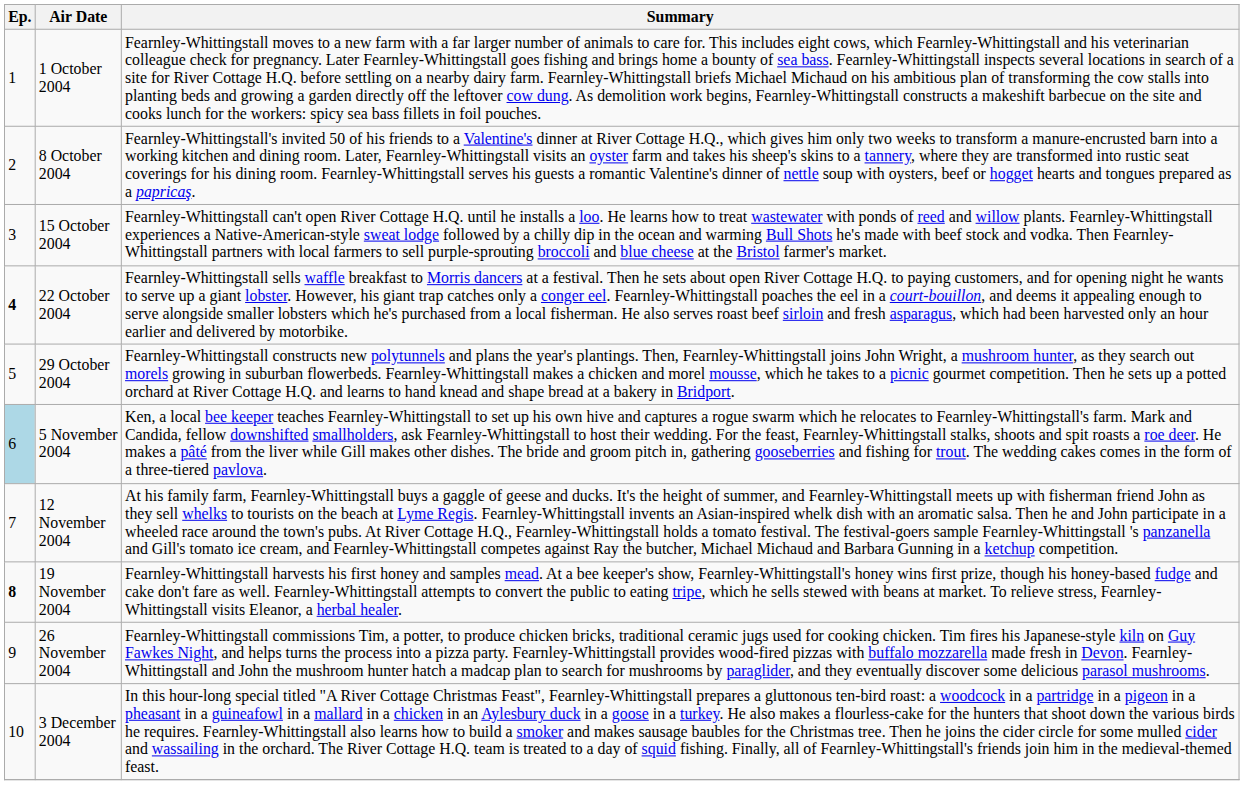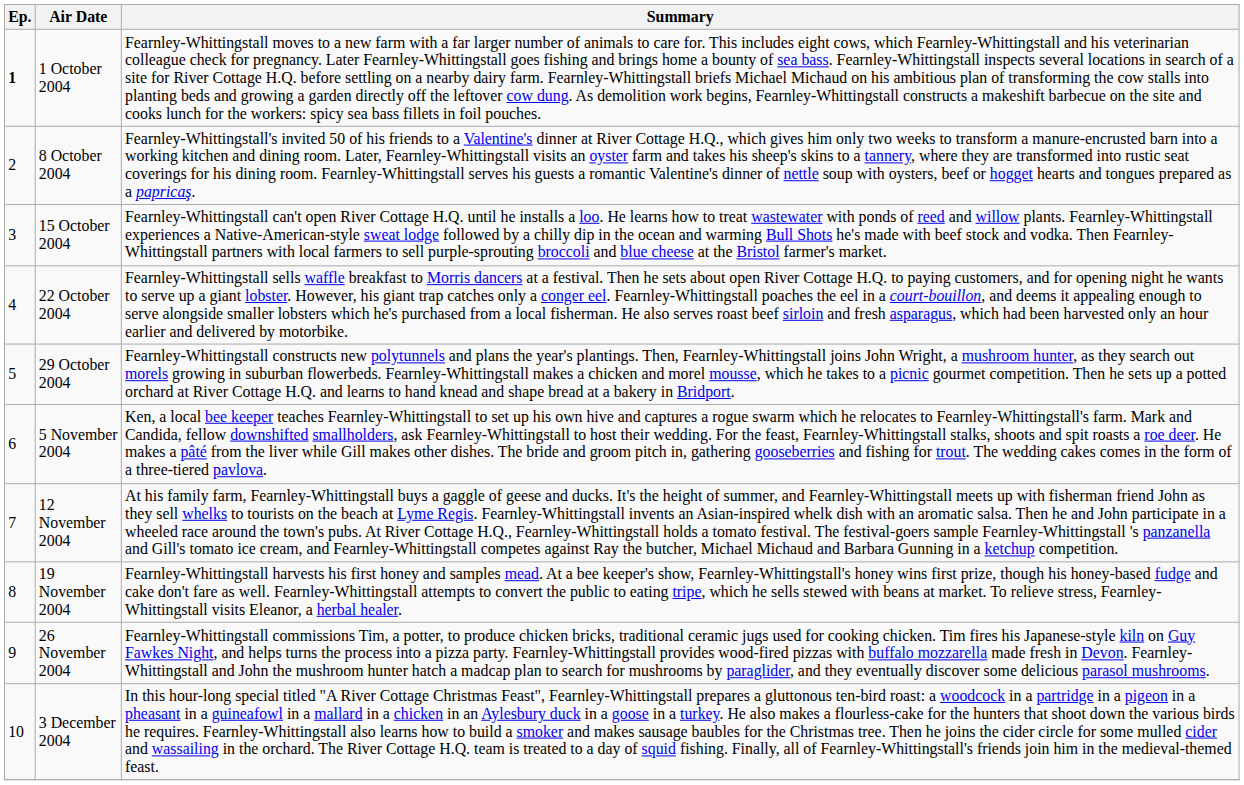 <table class="wikitable">
 <tr>
 <th>Ep.</th>
 <th>Air Date</th>
 <th>Summary</th>
 </tr>
 <tr>
-<td>1</td>
+<td><strong>1</strong></td>
 <td>1 October 2004</td>
 <td>Fearnley-Whittingstall moves to a new farm with a far larger number of animals to care for. This includes eight cows, which Fearnley-Whittingstall and his veterinarian colleague check for pregnancy. Later Fearnley-Whittingstall goes fishing and brings home a bounty of <a href='#'>sea bass</a>. Fearnley-Whittingstall inspects several locations in search of a site for River Cottage H.Q. before settling on a nearby dairy farm. Fearnley-Whittingstall briefs Michael Michaud on his ambitious plan of transforming the cow stalls into planting beds and growing a garden directly off the leftover <a href='#'>cow dung</a>. As demolition work begins, Fearnley-Whittingstall constructs a makeshift barbecue on the site and cooks lunch for the workers: spicy sea bass fillets in foil pouches.</td>
 </tr>
 <tr>
 <td>2</td>
 <td>8 October 2004</td>
 <td>Fearnley-Whittingstall's invited 50 of his friends to a <a href='#'>Valentine's</a> dinner at River Cottage H.Q., which gives him only two weeks to transform a manure-encrusted barn into a working kitchen and dining room. Later, Fearnley-Whittingstall visits an <a href='#'>oyster</a> farm and takes his sheep's skins to a <a href='#'>tannery</a>, where they are transformed into rustic seat coverings for his dining room. Fearnley-Whittingstall serves his guests a romantic Valentine's dinner of <a href='#'>nettle</a> soup with oysters, beef or <a href='#'>hogget</a> hearts and tongues prepared as a <em><a href='#'>papricaş</a></em>.</td>
 </tr>
 <tr>
 <td>3</td>
 <td>15 October 2004</td>
 <td>Fearnley-Whittingstall can't open River Cottage H.Q. until he installs a <a href='#'>loo</a>. He learns how to treat <a href='#'>wastewater</a> with ponds of <a href='#'>reed</a> and <a href='#'>willow</a> plants. Fearnley-Whittingstall experiences a Native-American-style <a href='#'>sweat lodge</a> followed by a chilly dip in the ocean and warming <a href='#'>Bull Shots</a> he's made with beef stock and vodka. Then Fearnley-Whittingstall partners with local farmers to sell purple-sprouting <a href='#'>broccoli</a> and <a href='#'>blue cheese</a> at the <a href='#'>Bristol</a> farmer's market.</td>
 </tr>
 <tr>
-<td><strong>4</strong></td>
+<td>4</td>
 <td>22 October 2004</td>
 <td>Fearnley-Whittingstall sells <a href='#'>waffle</a> breakfast to <a href='#'>Morris dancers</a> at a festival. Then he sets about open River Cottage H.Q. to paying customers, and for opening night he wants to serve up a giant <a href='#'>lobster</a>. However, his giant trap catches only a <a href='#'>conger eel</a>. Fearnley-Whittingstall poaches the eel in a <em><a href='#'>court-bouillon</a></em>, and deems it appealing enough to serve alongside smaller lobsters which he's purchased from a local fisherman. He also serves roast beef <a href='#'>sirloin</a> and fresh <a href='#'>asparagus</a>, which had been harvested only an hour earlier and delivered by motorbike.</td>
 </tr>
 <tr>
 <td>5</td>
 <td>29 October 2004</td>
 <td>Fearnley-Whittingstall constructs new <a href='#'>polytunnels</a> and plans the year's plantings. Then, Fearnley-Whittingstall joins John Wright, a <a href='#'>mushroom hunter</a>, as they search out <a href='#'>morels</a> growing in suburban flowerbeds. Fearnley-Whittingstall makes a chicken and morel <a href='#'>mousse</a>, which he takes to a <a href='#'>picnic</a> gourmet competition. Then he sets up a potted orchard at River Cottage H.Q. and learns to hand knead and shape bread at a bakery in <a href='#'>Bridport</a>.</td>
 </tr>
 <tr>
-<td style="background: lightblue;">6</td>
+<td>6</td>
 <td>5 November 2004</td>
 <td>Ken, a local <a href='#'>bee keeper</a> teaches Fearnley-Whittingstall to set up his own hive and captures a rogue swarm which he relocates to Fearnley-Whittingstall's farm. Mark and Candida, fellow <a href='#'>downshifted</a> <a href='#'>smallholders</a>, ask Fearnley-Whittingstall to host their wedding. For the feast, Fearnley-Whittingstall stalks, shoots and spit roasts a <a href='#'>roe deer</a>. He makes a <a href='#'>pâté</a> from the liver while Gill makes other dishes. The bride and groom pitch in, gathering <a href='#'>gooseberries</a> and fishing for <a href='#'>trout</a>. The wedding cakes comes in the form of a three-tiered <a href='#'>pavlova</a>.</td>
 </tr>
 <tr>
 <td>7</td>
 <td>12 November 2004</td>
 <td>At his family farm, Fearnley-Whittingstall buys a gaggle of geese and ducks. It's the height of summer, and Fearnley-Whittingstall meets up with fisherman friend John as they sell <a href='#'>whelks</a> to tourists on the beach at <a href='#'>Lyme Regis</a>. Fearnley-Whittingstall invents an Asian-inspired whelk dish with an aromatic salsa. Then he and John participate in a wheeled race around the town's pubs. At River Cottage H.Q., Fearnley-Whittingstall holds a tomato festival. The festival-goers sample Fearnley-Whittingstall 's <a href='#'>panzanella</a> and Gill's tomato ice cream, and Fearnley-Whittingstall competes against Ray the butcher, Michael Michaud and Barbara Gunning in a <a href='#'>ketchup</a> competition.</td>
 </tr>
 <tr>
-<td><strong>8</strong></td>
+<td>8</td>
 <td>19 November 2004</td>
 <td>Fearnley-Whittingstall harvests his first honey and samples <a href='#'>mead</a>. At a bee keeper's show, Fearnley-Whittingstall's honey wins first prize, though his honey-based <a href='#'>fudge</a> and cake don't fare as well. Fearnley-Whittingstall attempts to convert the public to eating <a href='#'>tripe</a>, which he sells stewed with beans at market. To relieve stress, Fearnley-Whittingstall visits Eleanor, a <a href='#'>herbal healer</a>.</td>
 </tr>
 <tr>
 <td>9</td>
 <td>26 November 2004</td>
 <td>Fearnley-Whittingstall commissions Tim, a potter, to produce chicken bricks, traditional ceramic jugs used for cooking chicken. Tim fires his Japanese-style <a href='#'>kiln</a> on <a href='#'>Guy Fawkes Night</a>, and helps turns the process into a pizza party. Fearnley-Whittingstall provides wood-fired pizzas with <a href='#'>buffalo mozzarella</a> made fresh in <a href='#'>Devon</a>. Fearnley-Whittingstall and John the mushroom hunter hatch a madcap plan to search for mushrooms by <a href='#'>paraglider</a>, and they eventually discover some delicious <a href='#'>parasol mushrooms</a>.</td>
 </tr>
 <tr>
 <td>10</td>
 <td>3 December 2004</td>
 <td>In this hour-long special titled "A River Cottage Christmas Feast", Fearnley-Whittingstall prepares a gluttonous ten-bird roast: a <a href='#'>woodcock</a> in a <a href='#'>partridge</a> in a <a href='#'>pigeon</a> in a <a href='#'>pheasant</a> in a <a href='#'>guineafowl</a> in a <a href='#'>mallard</a> in a <a href='#'>chicken</a> in an <a href='#'>Aylesbury duck</a> in a <a href='#'>goose</a> in a <a href='#'>turkey</a>. He also makes a flourless-cake for the hunters that shoot down the various birds he requires. Fearnley-Whittingstall also learns how to build a <a href='#'>smoker</a> and makes sausage baubles for the Christmas tree. Then he joins the cider circle for some mulled <a href='#'>cider</a> and <a href='#'>wassailing</a> in the orchard. The River Cottage H.Q. team is treated to a day of <a href='#'>squid</a> fishing. Finally, all of Fearnley-Whittingstall's friends join him in the medieval-themed feast.</td>
 </tr>
 <tr>
 </tr>
 </table>
